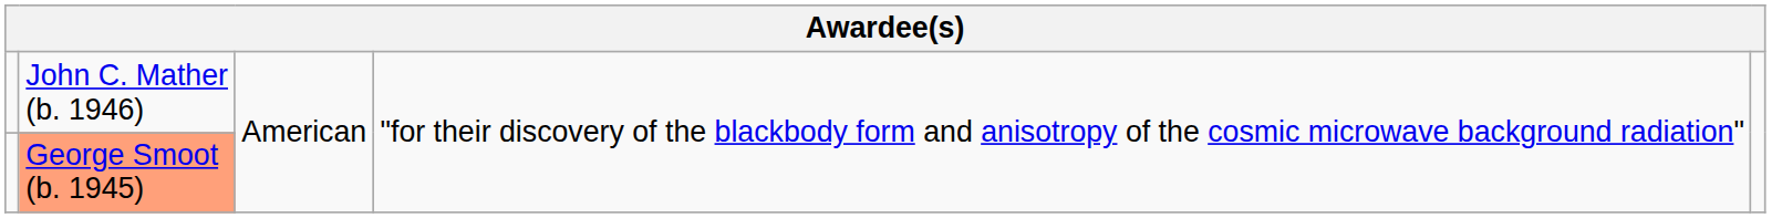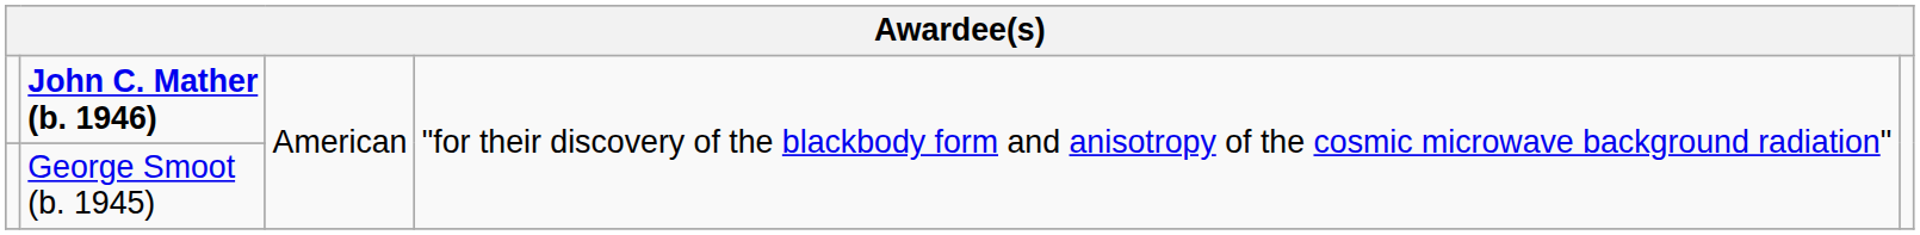 <table class="wikitable">
 <tr>
 <th colspan="5">Awardee(s)</th>
 </tr>
 <tr>
 <td></td>
-<td><a href='#'>John C. Mather</a><br>(b. 1946)</td>
+<td><strong><a href='#'>John C. Mather</a><br>(b. 1946)</strong></td>
 <td rowspan="2"> American</td>
 <td rowspan="2">"for their discovery of the <a href='#'>blackbody form</a> and <a href='#'>anisotropy</a> of the <a href='#'>cosmic microwave background radiation</a>"</td>
 <td rowspan="2"></td>
 </tr>
 <tr>
 <td></td>
-<td style="background: lightsalmon;"><a href='#'>George Smoot</a><br>(b. 1945)</td>
+<td><a href='#'>George Smoot</a><br>(b. 1945)</td>
 </tr>
 </table>
